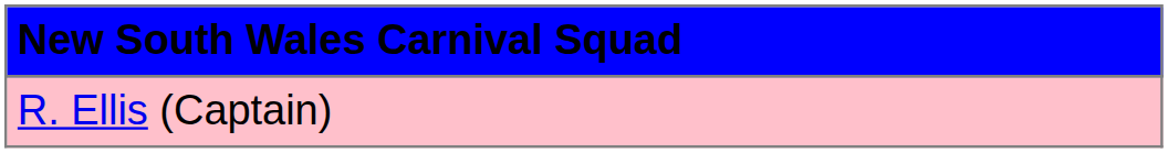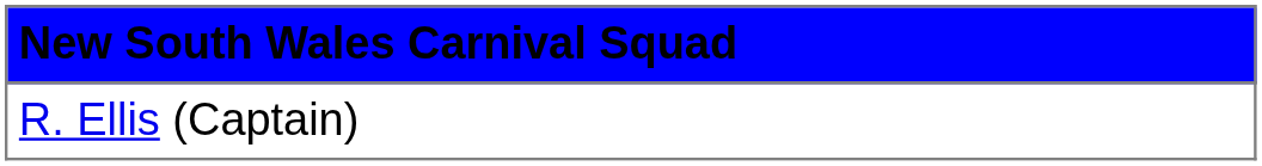 <table border="1" cellpadding="4" cellspacing="0" style="text-align:left; font-size:100%; border-collapse:collapse;" width=50%>
 <tr style="background:blue;">
 <th colspan=2><span>New South Wales Carnival Squad</span></th>
 </tr>
 <tr bgcolor="#efefef">
 </tr>
 <tr>
-<td style="background: pink;"><a href='#'>R. Ellis</a> (Captain)</td>
+<td><a href='#'>R. Ellis</a> (Captain)</td>
 </tr>
 </table>
